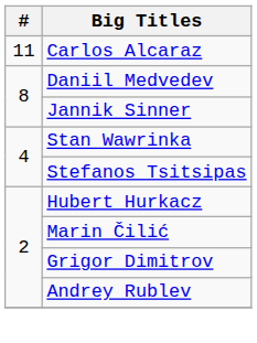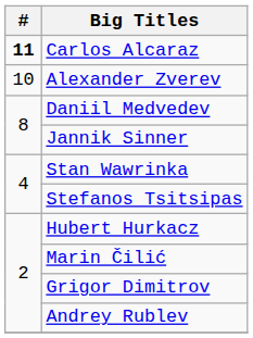 <table class="wikitable" style="display: inline-table;">
 <tr>
 <th width=20>#</th>
 <th>Big Titles</th>
 </tr>
 <tr>
-<td align=center>11</td>
+<td align=center><strong>11</strong></td>
 <td> <a href='#'>Carlos Alcaraz</a></td>
+</tr>
+<tr>
+<td align=center>10</td>
+<td> <a href='#'>Alexander Zverev</a></td>
 </tr>
 <tr>
 <td rowspan="2" align=center>8</td>
 <td> <a href='#'>Daniil Medvedev</a></td>
 </tr>
 <tr>
 <td> <a href='#'>Jannik Sinner</a></td>
 </tr>
 <tr>
 <td rowspan="2" align=center>4</td>
 <td> <a href='#'>Stan Wawrinka</a></td>
 </tr>
 <tr>
 <td> <a href='#'>Stefanos Tsitsipas</a></td>
 </tr>
 <tr>
 <td rowspan="4" align=center>2</td>
 <td> <a href='#'>Hubert Hurkacz</a></td>
 </tr>
 <tr>
 <td> <a href='#'>Marin Čilić</a></td>
 </tr>
 <tr>
 <td> <a href='#'>Grigor Dimitrov</a></td>
 </tr>
 <tr>
 <td> <a href='#'>Andrey Rublev</a></td>
 </tr>
 <tr>
 </tr>
 </table>
